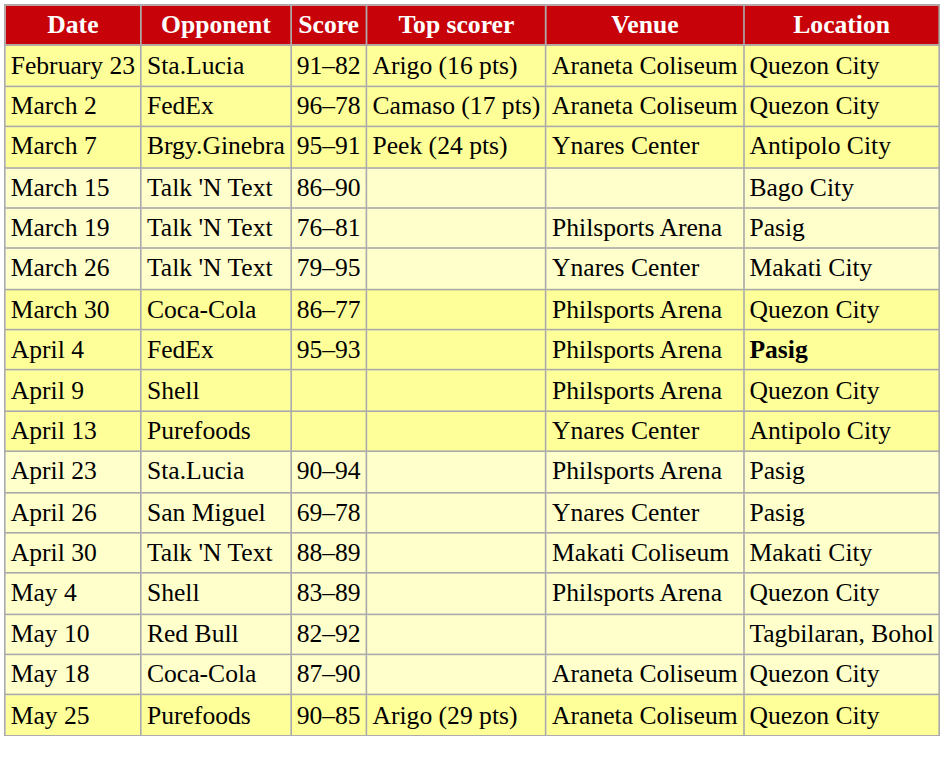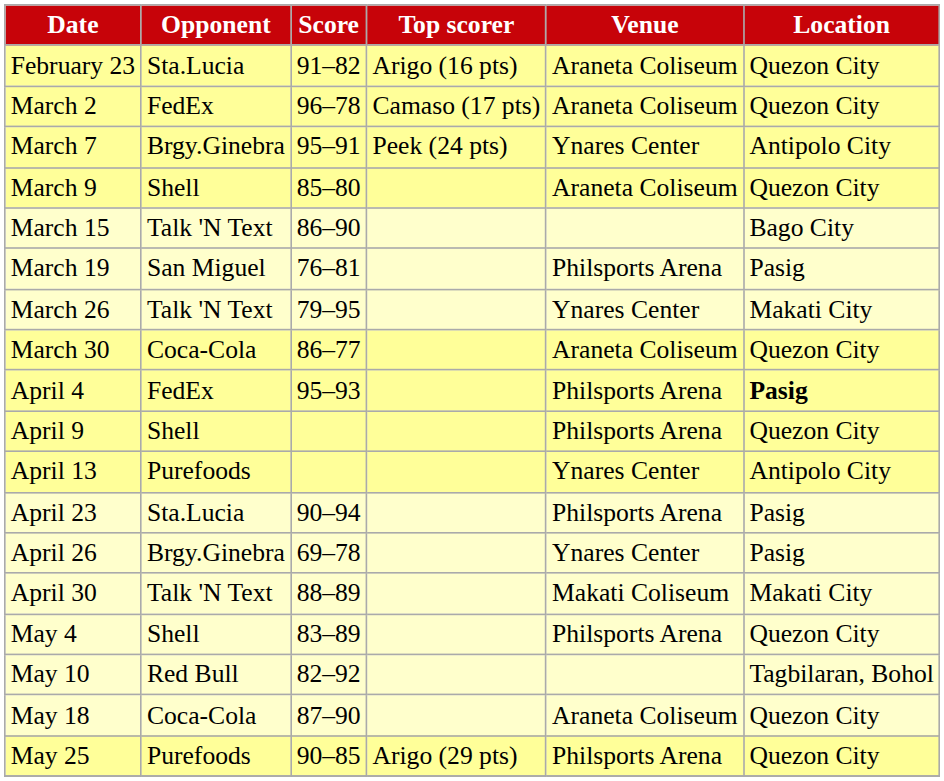 <table class="wikitable sortable sortable">
 <tr>
 <th style="background:#C70309; color:#FFFFFF; ">Date</th>
 <th style="background:#C70309; color:#FFFFFF; ">Opponent</th>
 <th style="background:#C70309; color:#FFFFFF; ">Score</th>
 <th style="background:#C70309; color:#FFFFFF; ">Top scorer</th>
 <th style="background:#C70309; color:#FFFFFF; ">Venue</th>
 <th style="background:#C70309; color:#FFFFFF; ">Location</th>
 </tr>
 <tr bgcolor=#FFFF99>
 <td>February 23</td>
 <td>Sta.Lucia</td>
 <td>91–82</td>
 <td>Arigo (16 pts)</td>
 <td>Araneta Coliseum</td>
 <td>Quezon City</td>
 </tr>
 <tr bgcolor=#FFFF99>
 <td>March 2</td>
 <td>FedEx</td>
 <td>96–78</td>
 <td>Camaso (17 pts)</td>
 <td>Araneta Coliseum</td>
 <td>Quezon City</td>
 </tr>
 <tr bgcolor=#FFFF99>
 <td>March 7</td>
 <td>Brgy.Ginebra</td>
 <td>95–91</td>
 <td>Peek (24 pts)</td>
 <td>Ynares Center</td>
 <td>Antipolo City</td>
 </tr>
+<tr bgcolor=#FFFF99>
+<td>March 9</td>
+<td>Shell</td>
+<td>85–80</td>
+<td></td>
+<td>Araneta Coliseum</td>
+<td>Quezon City</td>
+</tr>
 <tr bgcolor=#FFFFCC>
 <td>March 15</td>
 <td>Talk 'N Text</td>
 <td>86–90</td>
 <td></td>
 <td></td>
 <td>Bago City</td>
 </tr>
 <tr bgcolor=#FFFFCC>
 <td>March 19</td>
-<td>Talk 'N Text</td>
+<td>San Miguel</td>
 <td>76–81</td>
 <td></td>
 <td>Philsports Arena</td>
 <td>Pasig</td>
 </tr>
 <tr bgcolor=#FFFFCC>
 <td>March 26</td>
 <td>Talk 'N Text</td>
 <td>79–95</td>
 <td></td>
 <td>Ynares Center</td>
 <td>Makati City</td>
 </tr>
 <tr bgcolor=#FFFF99>
 <td>March 30</td>
 <td>Coca-Cola</td>
 <td>86–77</td>
 <td></td>
-<td>Philsports Arena</td>
+<td>Araneta Coliseum</td>
 <td>Quezon City</td>
 </tr>
 <tr bgcolor=#FFFF99>
 <td>April 4</td>
 <td>FedEx</td>
 <td>95–93</td>
 <td></td>
 <td>Philsports Arena</td>
 <td><strong>Pasig</strong></td>
 </tr>
 <tr bgcolor=#FFFF99>
 <td>April 9</td>
 <td>Shell</td>
 <td></td>
 <td></td>
 <td>Philsports Arena</td>
 <td>Quezon City</td>
 </tr>
 <tr bgcolor=#FFFF99>
 <td>April 13</td>
 <td>Purefoods</td>
 <td></td>
 <td></td>
 <td>Ynares Center</td>
 <td>Antipolo City</td>
 </tr>
 <tr bgcolor=#FFFFCC>
 <td>April 23</td>
 <td>Sta.Lucia</td>
 <td>90–94</td>
 <td></td>
 <td>Philsports Arena</td>
 <td>Pasig</td>
 </tr>
 <tr bgcolor=#FFFFCC>
 <td>April 26</td>
-<td>San Miguel</td>
+<td>Brgy.Ginebra</td>
 <td>69–78</td>
 <td></td>
 <td>Ynares Center</td>
 <td>Pasig</td>
 </tr>
 <tr bgcolor=#FFFFCC>
 <td>April 30</td>
 <td>Talk 'N Text</td>
 <td>88–89</td>
 <td></td>
 <td>Makati Coliseum</td>
 <td>Makati City</td>
 </tr>
 <tr bgcolor=#FFFFCC>
 <td>May 4</td>
 <td>Shell</td>
 <td>83–89</td>
 <td></td>
 <td>Philsports Arena</td>
 <td>Quezon City</td>
 </tr>
 <tr bgcolor=#FFFFCC>
 <td>May 10</td>
 <td>Red Bull</td>
 <td>82–92</td>
 <td></td>
 <td></td>
 <td>Tagbilaran, Bohol</td>
 </tr>
 <tr bgcolor=#FFFFCC>
 <td>May 18</td>
 <td>Coca-Cola</td>
 <td>87–90</td>
 <td></td>
 <td>Araneta Coliseum</td>
 <td>Quezon City</td>
 </tr>
 <tr bgcolor=#FFFF99>
 <td>May 25</td>
 <td>Purefoods</td>
 <td>90–85</td>
 <td>Arigo (29 pts)</td>
-<td>Araneta Coliseum</td>
+<td>Philsports Arena</td>
 <td>Quezon City</td>
 </tr>
 <tr>
 </tr>
 </table>
